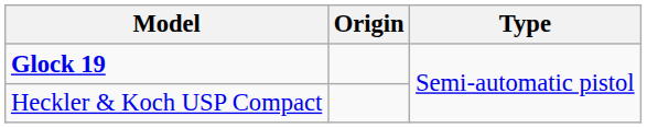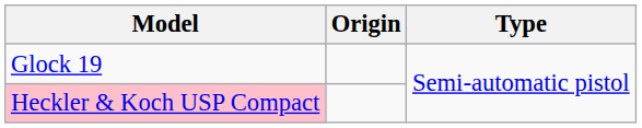 <table class="wikitable">
 <tr>
 <th>Model</th>
 <th>Origin</th>
 <th>Type</th>
 </tr>
 <tr>
-<td><strong><a href='#'>Glock 19</a></strong></td>
+<td><a href='#'>Glock 19</a></td>
 <td></td>
 <td rowspan="2"><a href='#'>Semi-automatic pistol</a></td>
 </tr>
 <tr>
-<td><a href='#'>Heckler & Koch USP Compact</a></td>
+<td style="background: pink;"><a href='#'>Heckler & Koch USP Compact</a></td>
 <td></td>
 </tr>
 </table>
